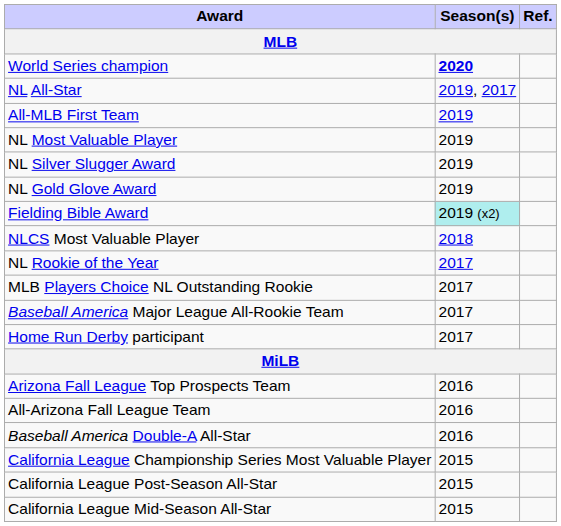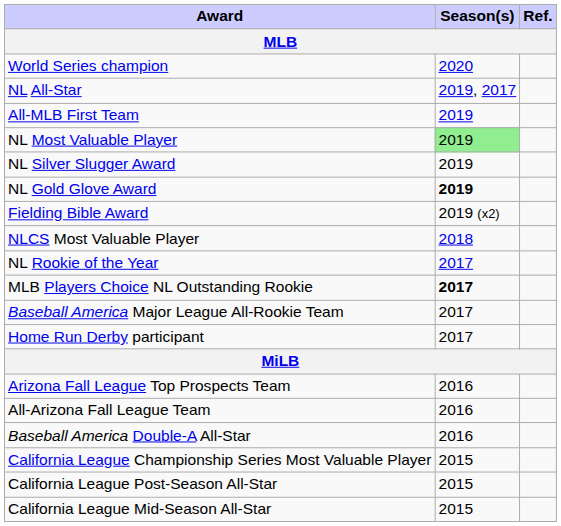 <table class="wikitable">
 <tr>
 <th style="background:#ccf;">Award</th>
 <th style="background:#ccf;">Season(s)</th>
 <th style="background:#ccf;">Ref.</th>
 </tr>
 <tr>
 <th colspan="3"><a href='#'>MLB</a></th>
 </tr>
 <tr>
 <td><a href='#'>World Series champion</a></td>
-<td><strong><a href='#'>2020</a></strong></td>
+<td><a href='#'>2020</a></td>
 <td></td>
 </tr>
 <tr>
 <td><a href='#'>NL</a> <a href='#'>All-Star</a></td>
 <td><a href='#'>2019</a>, <a href='#'>2017</a></td>
 <td></td>
 </tr>
 <tr>
 <td><a href='#'>All-MLB First Team</a></td>
 <td><a href='#'>2019</a></td>
 <td></td>
 </tr>
 <tr>
 <td>NL <a href='#'>Most Valuable Player</a></td>
-<td>2019</td>
+<td style="background: lightgreen;">2019</td>
 <td></td>
 </tr>
 <tr>
 <td>NL <a href='#'>Silver Slugger Award</a></td>
 <td>2019</td>
 <td></td>
 </tr>
 <tr>
 <td>NL <a href='#'>Gold Glove Award</a></td>
-<td>2019</td>
+<td><strong>2019</strong></td>
 <td></td>
 </tr>
 <tr>
 <td><a href='#'>Fielding Bible Award</a></td>
-<td style="background: paleturquoise;">2019 <small>(x2)</small></td>
+<td>2019 <small>(x2)</small></td>
 <td></td>
 </tr>
 <tr>
 <td><a href='#'>NLCS</a> Most Valuable Player</td>
 <td><a href='#'>2018</a></td>
 <td></td>
 </tr>
 <tr>
 <td>NL <a href='#'>Rookie of the Year</a></td>
 <td><a href='#'>2017</a></td>
 <td></td>
 </tr>
 <tr>
 <td>MLB <a href='#'>Players Choice</a> NL Outstanding Rookie</td>
-<td>2017</td>
+<td><strong>2017</strong></td>
 <td></td>
 </tr>
 <tr>
 <td><em><a href='#'>Baseball America</a></em> Major League All-Rookie Team</td>
 <td>2017</td>
 <td></td>
 </tr>
 <tr>
 <td><a href='#'>Home Run Derby</a> participant</td>
 <td>2017</td>
 <td></td>
 </tr>
 <tr>
 <th colspan="3"><a href='#'>MiLB</a></th>
 </tr>
 <tr>
 <td><a href='#'>Arizona Fall League</a> Top Prospects Team</td>
 <td>2016</td>
 <td></td>
 </tr>
 <tr>
 <td>All-Arizona Fall League Team</td>
 <td>2016</td>
 <td></td>
 </tr>
 <tr>
 <td><em>Baseball America</em> <a href='#'>Double-A</a> All-Star</td>
 <td>2016</td>
 <td></td>
 </tr>
 <tr>
 <td><a href='#'>California League</a> Championship Series Most Valuable Player</td>
 <td>2015</td>
 <td></td>
 </tr>
 <tr>
 <td>California League Post-Season All-Star</td>
 <td>2015</td>
 <td></td>
 </tr>
 <tr>
 <td>California League Mid-Season All-Star</td>
 <td>2015</td>
 <td></td>
 </tr>
 </table>
